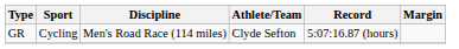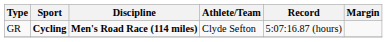 <table class="wikitable">
 <tr>
 <th>Type</th>
 <th>Sport</th>
 <th>Discipline</th>
 <th>Athlete/Team</th>
 <th>Record</th>
 <th>Margin</th>
 </tr>
 <tr>
 <td>GR</td>
-<td>Cycling</td>
-<td>Men's Road Race (114 miles)</td>
+<td><strong>Cycling</strong></td>
+<td><strong>Men's Road Race (114 miles)</strong></td>
 <td>Clyde Sefton</td>
 <td>5:07:16.87 (hours)</td>
 <td></td>
 </tr>
 <tr>
 </tr>
 </table>
